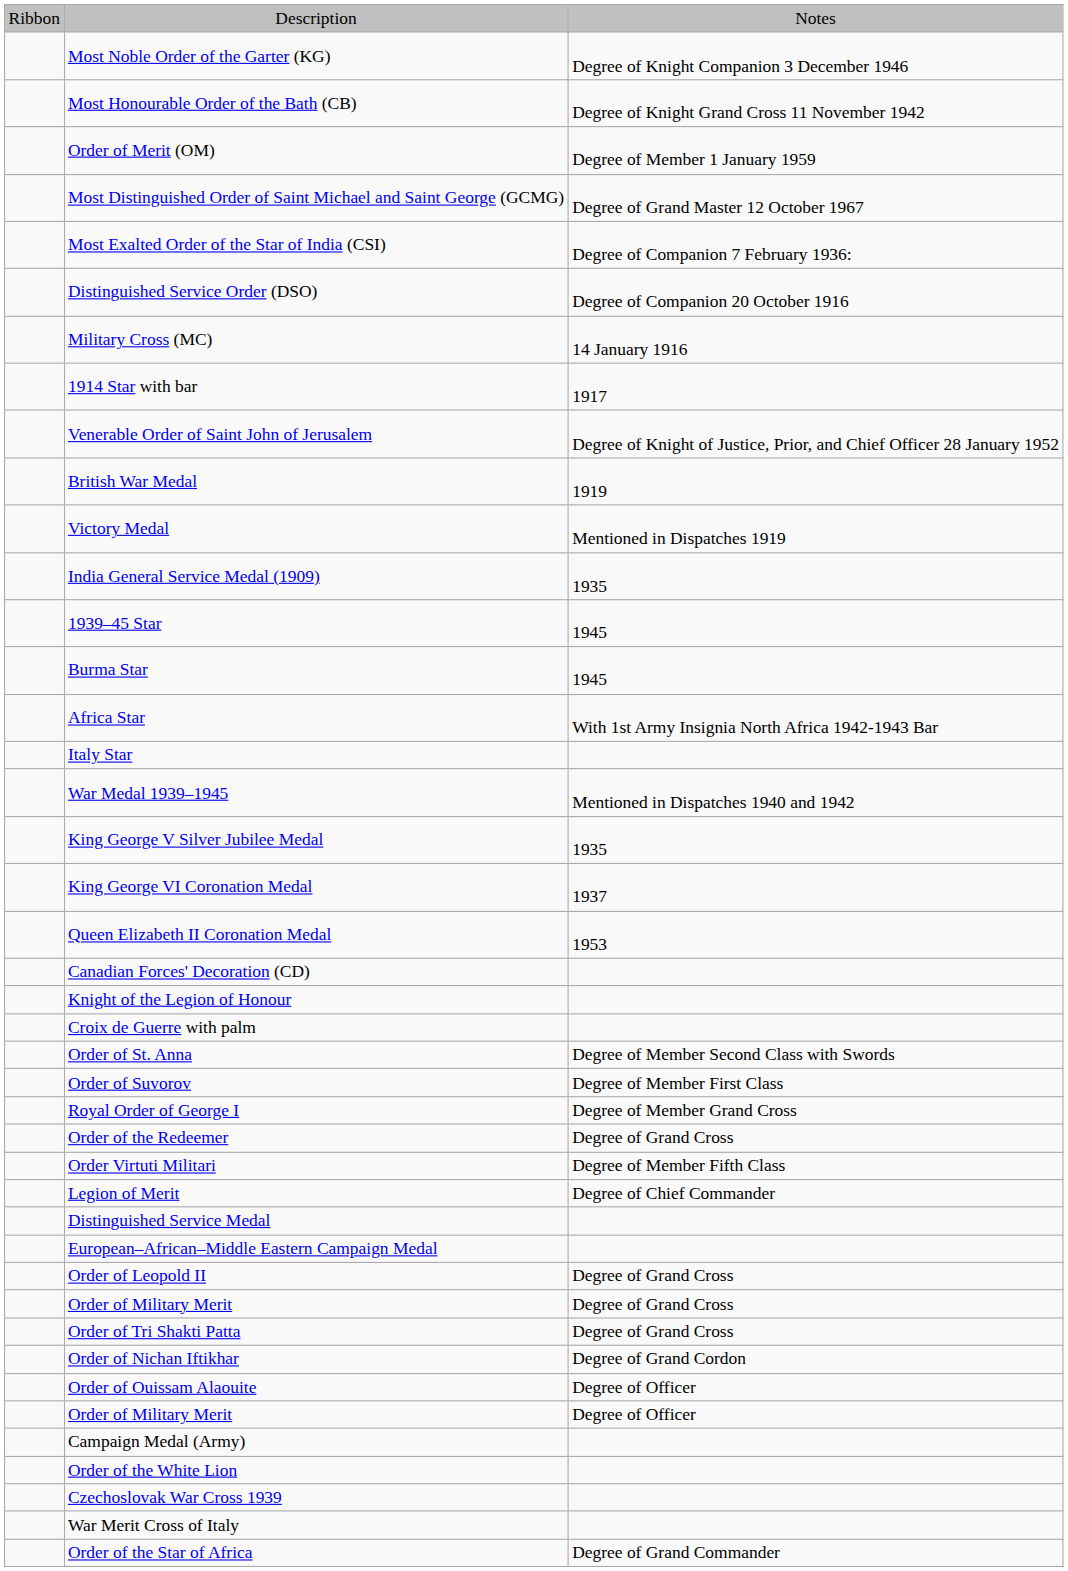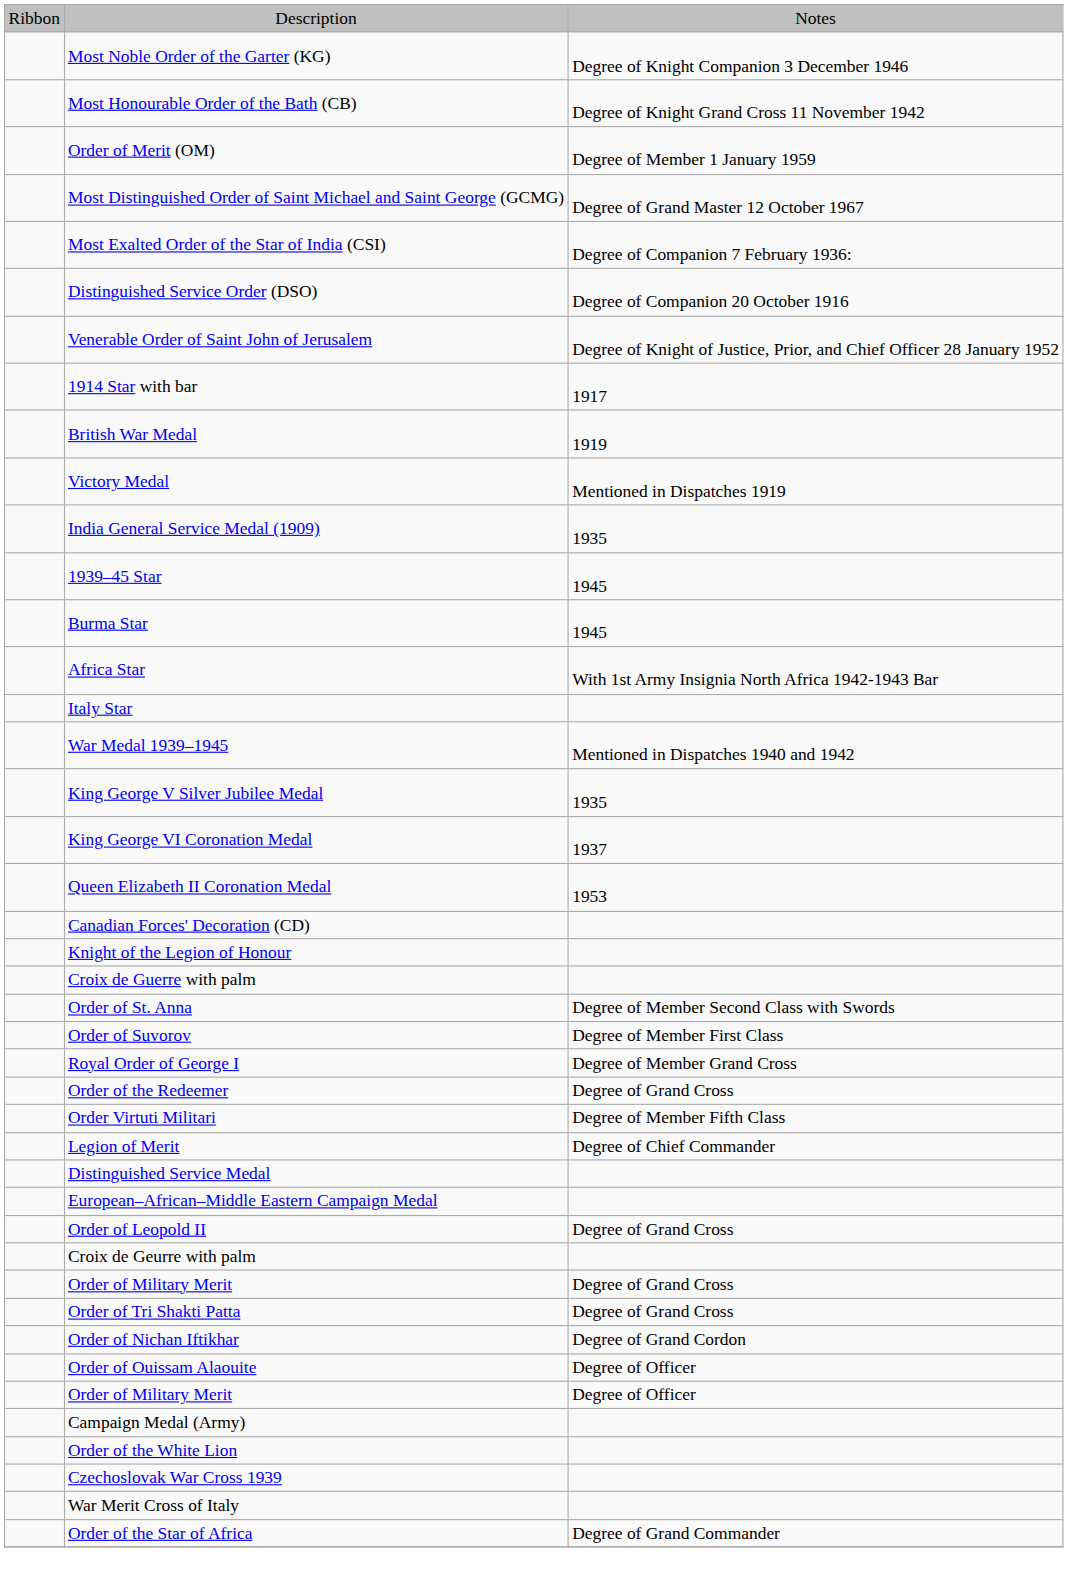 <table class="wikitable">
 <tr style="background:silver;" align="center">
 <td>Ribbon</td>
 <td>Description</td>
 <td>Notes</td>
 </tr>
 <tr>
 <td></td>
 <td><a href='#'>Most Noble Order of the Garter</a> (KG)</td>
 <td><br>Degree of Knight Companion 3 December 1946</td>
 </tr>
 <tr>
 <td></td>
 <td><a href='#'>Most Honourable Order of the Bath</a> (CB)</td>
 <td><br>Degree of Knight Grand Cross 11 November 1942</td>
 </tr>
 <tr>
 <td></td>
 <td><a href='#'>Order of Merit</a> (OM)</td>
 <td><br>Degree of Member 1 January 1959</td>
 </tr>
 <tr>
 <td></td>
 <td><a href='#'>Most Distinguished Order of Saint Michael and Saint George</a> (GCMG)</td>
 <td><br>Degree of Grand Master 12 October 1967</td>
 </tr>
 <tr>
 <td></td>
 <td><a href='#'>Most Exalted Order of the Star of India</a> (CSI)</td>
 <td><br>Degree of Companion 7 February 1936:</td>
 </tr>
 <tr>
 <td></td>
 <td><a href='#'>Distinguished Service Order</a> (DSO)</td>
 <td><br>Degree of Companion 20 October 1916</td>
 </tr>
 <tr>
 <td></td>
-<td><a href='#'>Military Cross</a> (MC)</td>
-<td><br>14 January 1916</td>
+<td><a href='#'>Venerable Order of Saint John of Jerusalem</a></td>
+<td><br>Degree of Knight of Justice, Prior, and Chief Officer 28 January 1952</td>
 </tr>
 <tr>
 <td></td>
 <td><a href='#'>1914 Star</a> with bar</td>
 <td><br>1917</td>
-</tr>
-<tr>
-<td></td>
-<td><a href='#'>Venerable Order of Saint John of Jerusalem</a></td>
-<td><br>Degree of Knight of Justice, Prior, and Chief Officer 28 January 1952</td>
 </tr>
 <tr>
 <td></td>
 <td><a href='#'>British War Medal</a></td>
 <td><br>1919</td>
 </tr>
 <tr>
 <td></td>
 <td><a href='#'>Victory Medal</a></td>
 <td><br>Mentioned in Dispatches 1919</td>
 </tr>
 <tr>
 <td></td>
 <td><a href='#'>India General Service Medal (1909)</a></td>
 <td><br>1935</td>
 </tr>
 <tr>
 <td></td>
 <td><a href='#'>1939–45 Star</a></td>
 <td><br>1945</td>
 </tr>
 <tr>
 <td></td>
 <td><a href='#'>Burma Star</a></td>
 <td><br>1945</td>
 </tr>
 <tr>
 <td></td>
 <td><a href='#'>Africa Star</a></td>
 <td><br>With 1st Army Insignia North Africa 1942-1943 Bar</td>
 </tr>
 <tr>
 <td></td>
 <td><a href='#'>Italy Star</a></td>
 <td></td>
 </tr>
 <tr>
 <td></td>
 <td><a href='#'>War Medal 1939–1945</a></td>
 <td><br>Mentioned in Dispatches 1940 and 1942</td>
 </tr>
 <tr>
 <td></td>
 <td><a href='#'>King George V Silver Jubilee Medal</a></td>
 <td><br>1935</td>
 </tr>
 <tr>
 <td></td>
 <td><a href='#'>King George VI Coronation Medal</a></td>
 <td><br>1937</td>
 </tr>
 <tr>
 <td></td>
 <td><a href='#'>Queen Elizabeth II Coronation Medal</a></td>
 <td><br>1953</td>
 </tr>
 <tr>
 <td></td>
 <td><a href='#'>Canadian Forces' Decoration</a> (CD)</td>
 <td></td>
 </tr>
 <tr>
 <td></td>
 <td><a href='#'>Knight of the Legion of Honour</a></td>
 <td></td>
 </tr>
 <tr>
 <td></td>
 <td><a href='#'>Croix de Guerre</a> with palm</td>
 <td></td>
 </tr>
 <tr>
 <td></td>
 <td><a href='#'>Order of St. Anna</a></td>
 <td>Degree of Member Second Class with Swords</td>
 </tr>
 <tr>
 <td></td>
 <td><a href='#'>Order of Suvorov</a></td>
 <td>Degree of Member First Class</td>
 </tr>
 <tr>
 <td></td>
 <td><a href='#'>Royal Order of George I</a></td>
 <td>Degree of Member Grand Cross</td>
 </tr>
 <tr>
 <td></td>
 <td><a href='#'>Order of the Redeemer</a></td>
 <td>Degree of Grand Cross</td>
 </tr>
 <tr>
 <td></td>
 <td><a href='#'>Order Virtuti Militari</a></td>
 <td>Degree of Member Fifth Class</td>
 </tr>
 <tr>
 <td></td>
 <td><a href='#'>Legion of Merit</a></td>
 <td>Degree of Chief Commander</td>
 </tr>
 <tr>
 <td></td>
 <td><a href='#'>Distinguished Service Medal</a></td>
 <td></td>
 </tr>
 <tr>
 <td></td>
 <td><a href='#'>European–African–Middle Eastern Campaign Medal</a></td>
 <td></td>
 </tr>
 <tr>
 <td></td>
 <td><a href='#'>Order of Leopold II</a></td>
 <td>Degree of Grand Cross</td>
 </tr>
 <tr>
 <td></td>
+<td>Croix de Geurre with palm</td>
+<td></td>
+</tr>
+<tr>
+<td></td>
 <td><a href='#'>Order of Military Merit</a></td>
 <td>Degree of Grand Cross</td>
 </tr>
 <tr>
 <td></td>
 <td><a href='#'>Order of Tri Shakti Patta</a></td>
 <td>Degree of Grand Cross</td>
 </tr>
 <tr>
 <td></td>
 <td><a href='#'>Order of Nichan Iftikhar</a></td>
 <td>Degree of Grand Cordon</td>
 </tr>
 <tr>
 <td></td>
 <td><a href='#'>Order of Ouissam Alaouite</a></td>
 <td>Degree of Officer</td>
 </tr>
 <tr>
 <td></td>
 <td><a href='#'>Order of Military Merit</a></td>
 <td>Degree of Officer</td>
 </tr>
 <tr>
 <td></td>
 <td>Campaign Medal (Army)</td>
 <td></td>
 </tr>
 <tr>
 <td></td>
 <td><a href='#'>Order of the White Lion</a></td>
 <td></td>
 </tr>
 <tr>
 <td></td>
 <td><a href='#'>Czechoslovak War Cross 1939</a></td>
 <td></td>
 </tr>
 <tr>
 <td></td>
 <td>War Merit Cross of Italy</td>
 <td></td>
 </tr>
 <tr>
 <td></td>
 <td><a href='#'>Order of the Star of Africa</a></td>
 <td>Degree of Grand Commander</td>
 </tr>
 <tr>
 </tr>
 </table>
